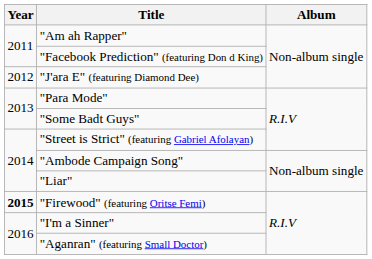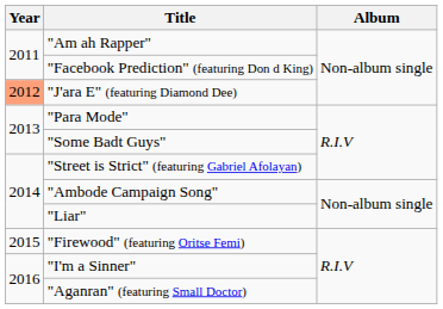 <table class="wikitable sortable">
 <tr>
 <th>Year</th>
 <th>Title</th>
 <th>Album</th>
 </tr>
 <tr>
 <td rowspan="2">2011</td>
 <td>"Am ah Rapper"</td>
 <td rowspan="3">Non-album single</td>
 </tr>
 <tr>
 <td>"Facebook Prediction" <small>(featuring Don d King)</small></td>
 </tr>
 <tr>
-<td>2012</td>
+<td style="background: lightsalmon;">2012</td>
 <td>"J'ara E" <small>(featuring Diamond Dee)</small></td>
 </tr>
 <tr>
 <td rowspan="2">2013</td>
 <td>"Para Mode"</td>
 <td rowspan="3"><em>R.I.V</em></td>
 </tr>
 <tr>
 <td>"Some Badt Guys"</td>
 </tr>
 <tr>
 <td rowspan="3">2014</td>
 <td>"Street is Strict" <small>(featuring <a href='#'>Gabriel Afolayan</a>)</small></td>
 </tr>
 <tr>
 <td>"Ambode Campaign Song"</td>
 <td rowspan="2">Non-album single</td>
 </tr>
 <tr>
 <td>"Liar"</td>
 </tr>
 <tr>
-<td><strong>2015</strong></td>
+<td>2015</td>
 <td>"Firewood" <small>(featuring <a href='#'>Oritse Femi</a>)</small></td>
 <td rowspan="3"><em>R.I.V</em></td>
 </tr>
 <tr>
 <td rowspan="2">2016</td>
 <td>"I'm a Sinner"</td>
 </tr>
 <tr>
 <td>"Aganran"  <small>(featuring <a href='#'>Small Doctor</a>)</small></td>
 </tr>
 </table>
